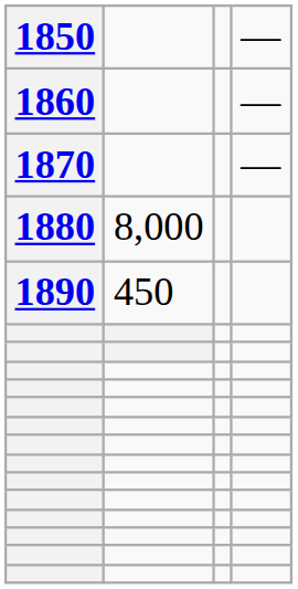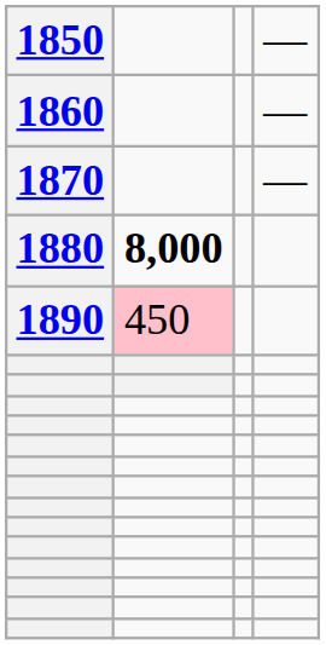 <table class="wikitable">
 <tr>
 <th><a href='#'>1850</a></th>
 <td></td>
 <td></td>
 <td>—</td>
 </tr>
 <tr>
 <th><a href='#'>1860</a></th>
 <td></td>
 <td></td>
 <td>—</td>
 </tr>
 <tr>
 <th><a href='#'>1870</a></th>
 <td></td>
 <td></td>
 <td>—</td>
 </tr>
 <tr>
 <th><a href='#'>1880</a></th>
-<td>8,000</td>
+<td><strong>8,000</strong></td>
 <td></td>
 <td></td>
 </tr>
 <tr>
 <th><a href='#'>1890</a></th>
-<td>450</td>
+<td style="background: pink;">450</td>
 <td></td>
 <td></td>
 </tr>
 <tr>
 <th></th>
 <th></th>
 <td></td>
 <td></td>
 </tr>
 <tr>
 <th></th>
 <th></th>
 <td></td>
 <td></td>
 </tr>
 <tr>
 <th></th>
 <td></td>
 <td></td>
 <td></td>
 </tr>
 <tr>
 <th></th>
 <td></td>
 <td></td>
 <td></td>
 </tr>
 <tr>
 <th></th>
 <td></td>
 <td></td>
 <td></td>
 </tr>
 <tr>
 <th></th>
 <td></td>
 <td></td>
 <td></td>
 </tr>
 <tr>
 <th></th>
 <td></td>
 <td></td>
 <td></td>
 </tr>
 <tr>
 <th></th>
 <td></td>
 <td></td>
 <td></td>
 </tr>
 <tr>
 <th></th>
 <td></td>
 <td></td>
 <td></td>
 </tr>
 <tr>
 <th></th>
 <td></td>
 <td></td>
 <td></td>
 </tr>
 <tr>
 <th></th>
 <td></td>
 <td></td>
 <td></td>
 </tr>
 <tr>
 <th></th>
 <td></td>
 <td></td>
 <td></td>
 </tr>
 <tr>
 <th></th>
 <td></td>
 <td></td>
 <td></td>
 </tr>
 <tr>
 <th></th>
 <td></td>
 <td></td>
 <td></td>
 </tr>
 </table>
